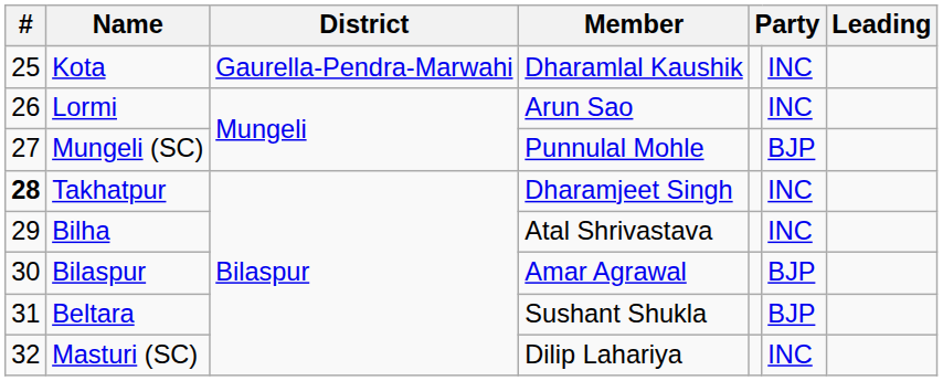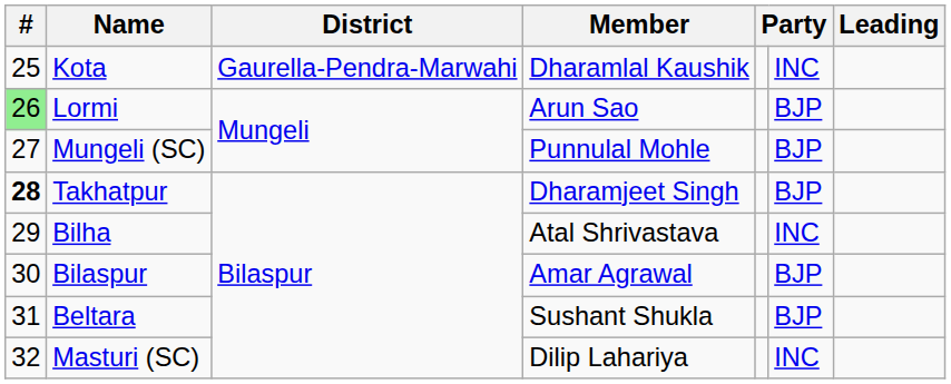 <table class="wikitable">
 <tr>
 <th>#</th>
 <th>Name</th>
 <th>District</th>
 <th>Member</th>
 <th colspan="2">Party</th>
 <th colspan="2">Leading<br></th>
 </tr>
 <tr>
 <td>25</td>
 <td><a href='#'>Kota</a></td>
 <td><a href='#'>Gaurella-Pendra-Marwahi</a></td>
 <td><a href='#'>Dharamlal Kaushik</a></td>
 <td style="background-color: "></td>
 <td><a href='#'>INC</a></td>
 <td></td>
 </tr>
 <tr>
-<td>26</td>
+<td style="background: lightgreen;">26</td>
 <td><a href='#'>Lormi</a></td>
 <td rowspan="2"><a href='#'>Mungeli</a></td>
 <td><a href='#'>Arun Sao</a></td>
 <td style="background-color: "></td>
-<td><a href='#'>INC</a></td>
+<td><a href='#'>BJP</a></td>
 <td></td>
 </tr>
 <tr>
 <td>27</td>
 <td><a href='#'>Mungeli</a> (SC)</td>
 <td><a href='#'>Punnulal Mohle</a></td>
 <td style="background-color: "></td>
 <td><a href='#'>BJP</a></td>
 <td></td>
 </tr>
 <tr>
 <td><strong>28</strong></td>
 <td><a href='#'>Takhatpur</a></td>
 <td rowspan="5"><a href='#'>Bilaspur</a></td>
 <td><a href='#'>Dharamjeet Singh</a></td>
 <td style="background-color: "></td>
-<td><a href='#'>INC</a></td>
+<td><a href='#'>BJP</a></td>
 <td></td>
 </tr>
 <tr>
 <td>29</td>
 <td><a href='#'>Bilha</a></td>
 <td>Atal Shrivastava</td>
 <td style="background-color: "></td>
 <td><a href='#'>INC</a></td>
 <td></td>
 </tr>
 <tr>
 <td>30</td>
 <td><a href='#'>Bilaspur</a></td>
 <td><a href='#'>Amar Agrawal</a></td>
 <td style="background-color: "></td>
 <td><a href='#'>BJP</a></td>
 <td></td>
 </tr>
 <tr>
 <td>31</td>
 <td><a href='#'>Beltara</a></td>
 <td>Sushant Shukla</td>
 <td style="background-color: "></td>
 <td><a href='#'>BJP</a></td>
 <td></td>
 </tr>
 <tr>
 <td>32</td>
 <td><a href='#'>Masturi</a> (SC)</td>
 <td>Dilip Lahariya</td>
 <td style="background-color: "></td>
 <td><a href='#'>INC</a></td>
 <td></td>
 </tr>
 </table>
